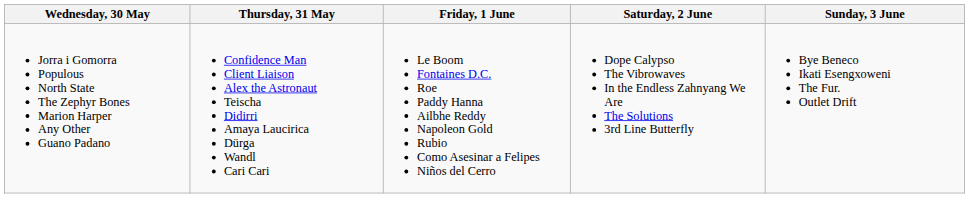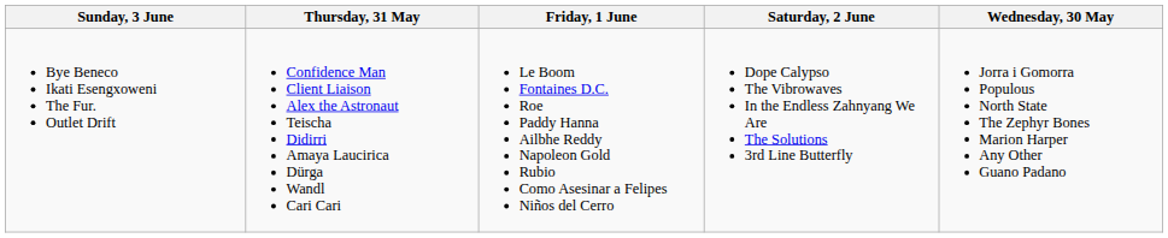 <table class="wikitable">
 <tr>
-<th width="500">Wednesday, 30 May</th>
+<th width="500">Sunday, 3 June</th>
 <th width="500">Thursday, 31 May</th>
 <th width="500">Friday, 1 June</th>
 <th width="500">Saturday, 2 June</th>
-<th width="500">Sunday, 3 June</th>
+<th width="500">Wednesday, 30 May</th>
 </tr>
 <tr valign="top">
-<td><br><ul><li>Jorra i Gomorra</li><li>Populous</li><li>North State</li><li>The Zephyr Bones</li><li>Marion Harper</li><li>Any Other</li><li>Guano Padano</li></ul></td>
+<td><br><ul><li>Bye Beneco</li><li>Ikati Esengxoweni</li><li>The Fur.</li><li>Outlet Drift</li></ul></td>
 <td><br><ul><li><a href='#'>Confidence Man</a></li><li><a href='#'>Client Liaison</a></li><li><a href='#'>Alex the Astronaut</a></li><li>Teischa</li><li><a href='#'>Didirri</a></li><li>Amaya Laucirica</li><li>Dürga</li><li>Wandl</li><li>Cari Cari</li></ul></td>
 <td><br><ul><li>Le Boom</li><li><a href='#'>Fontaines D.C.</a></li><li>Roe</li><li>Paddy Hanna</li><li>Ailbhe Reddy</li><li>Napoleon Gold</li><li>Rubio</li><li>Como Asesinar a Felipes</li><li>Niños del Cerro</li></ul></td>
 <td><br><ul><li>Dope Calypso</li><li>The Vibrowaves</li><li>In the Endless Zahnyang We Are</li><li><a href='#'>The Solutions</a></li><li>3rd Line Butterfly</li></ul></td>
-<td><br><ul><li>Bye Beneco</li><li>Ikati Esengxoweni</li><li>The Fur.</li><li>Outlet Drift</li></ul></td>
+<td><br><ul><li>Jorra i Gomorra</li><li>Populous</li><li>North State</li><li>The Zephyr Bones</li><li>Marion Harper</li><li>Any Other</li><li>Guano Padano</li></ul></td>
 </tr>
 </table>
